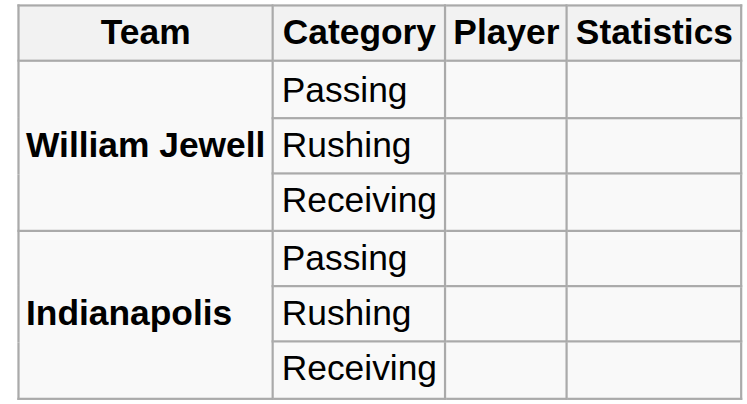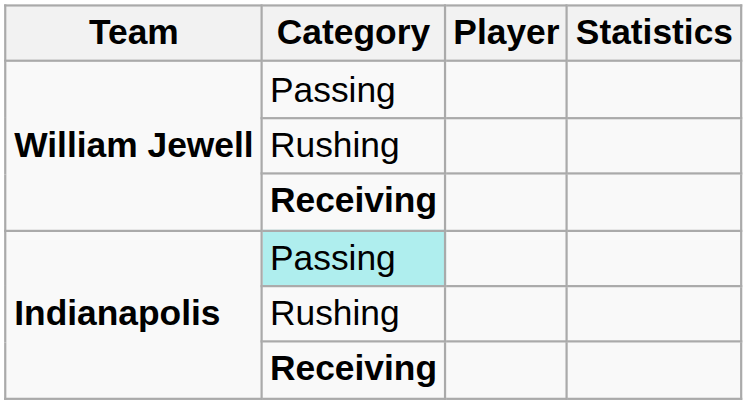 <table class="wikitable" style="float: right;">
 <tr>
 <th>Team</th>
 <th>Category</th>
 <th>Player</th>
 <th>Statistics</th>
 </tr>
 <tr>
 <td rowspan=3><strong>William Jewell</strong></td>
 <td>Passing</td>
 <td></td>
 <td></td>
 </tr>
 <tr>
 <td>Rushing</td>
 <td></td>
 <td></td>
 </tr>
 <tr>
-<td>Receiving</td>
+<td><strong>Receiving</strong></td>
 <td></td>
 <td></td>
 </tr>
 <tr>
 <td rowspan=3><strong>Indianapolis</strong></td>
-<td>Passing</td>
+<td style="background: paleturquoise;">Passing</td>
 <td></td>
 <td></td>
 </tr>
 <tr>
 <td>Rushing</td>
 <td></td>
 <td></td>
 </tr>
 <tr>
-<td>Receiving</td>
+<td><strong>Receiving</strong></td>
 <td></td>
 <td></td>
 </tr>
 </table>
